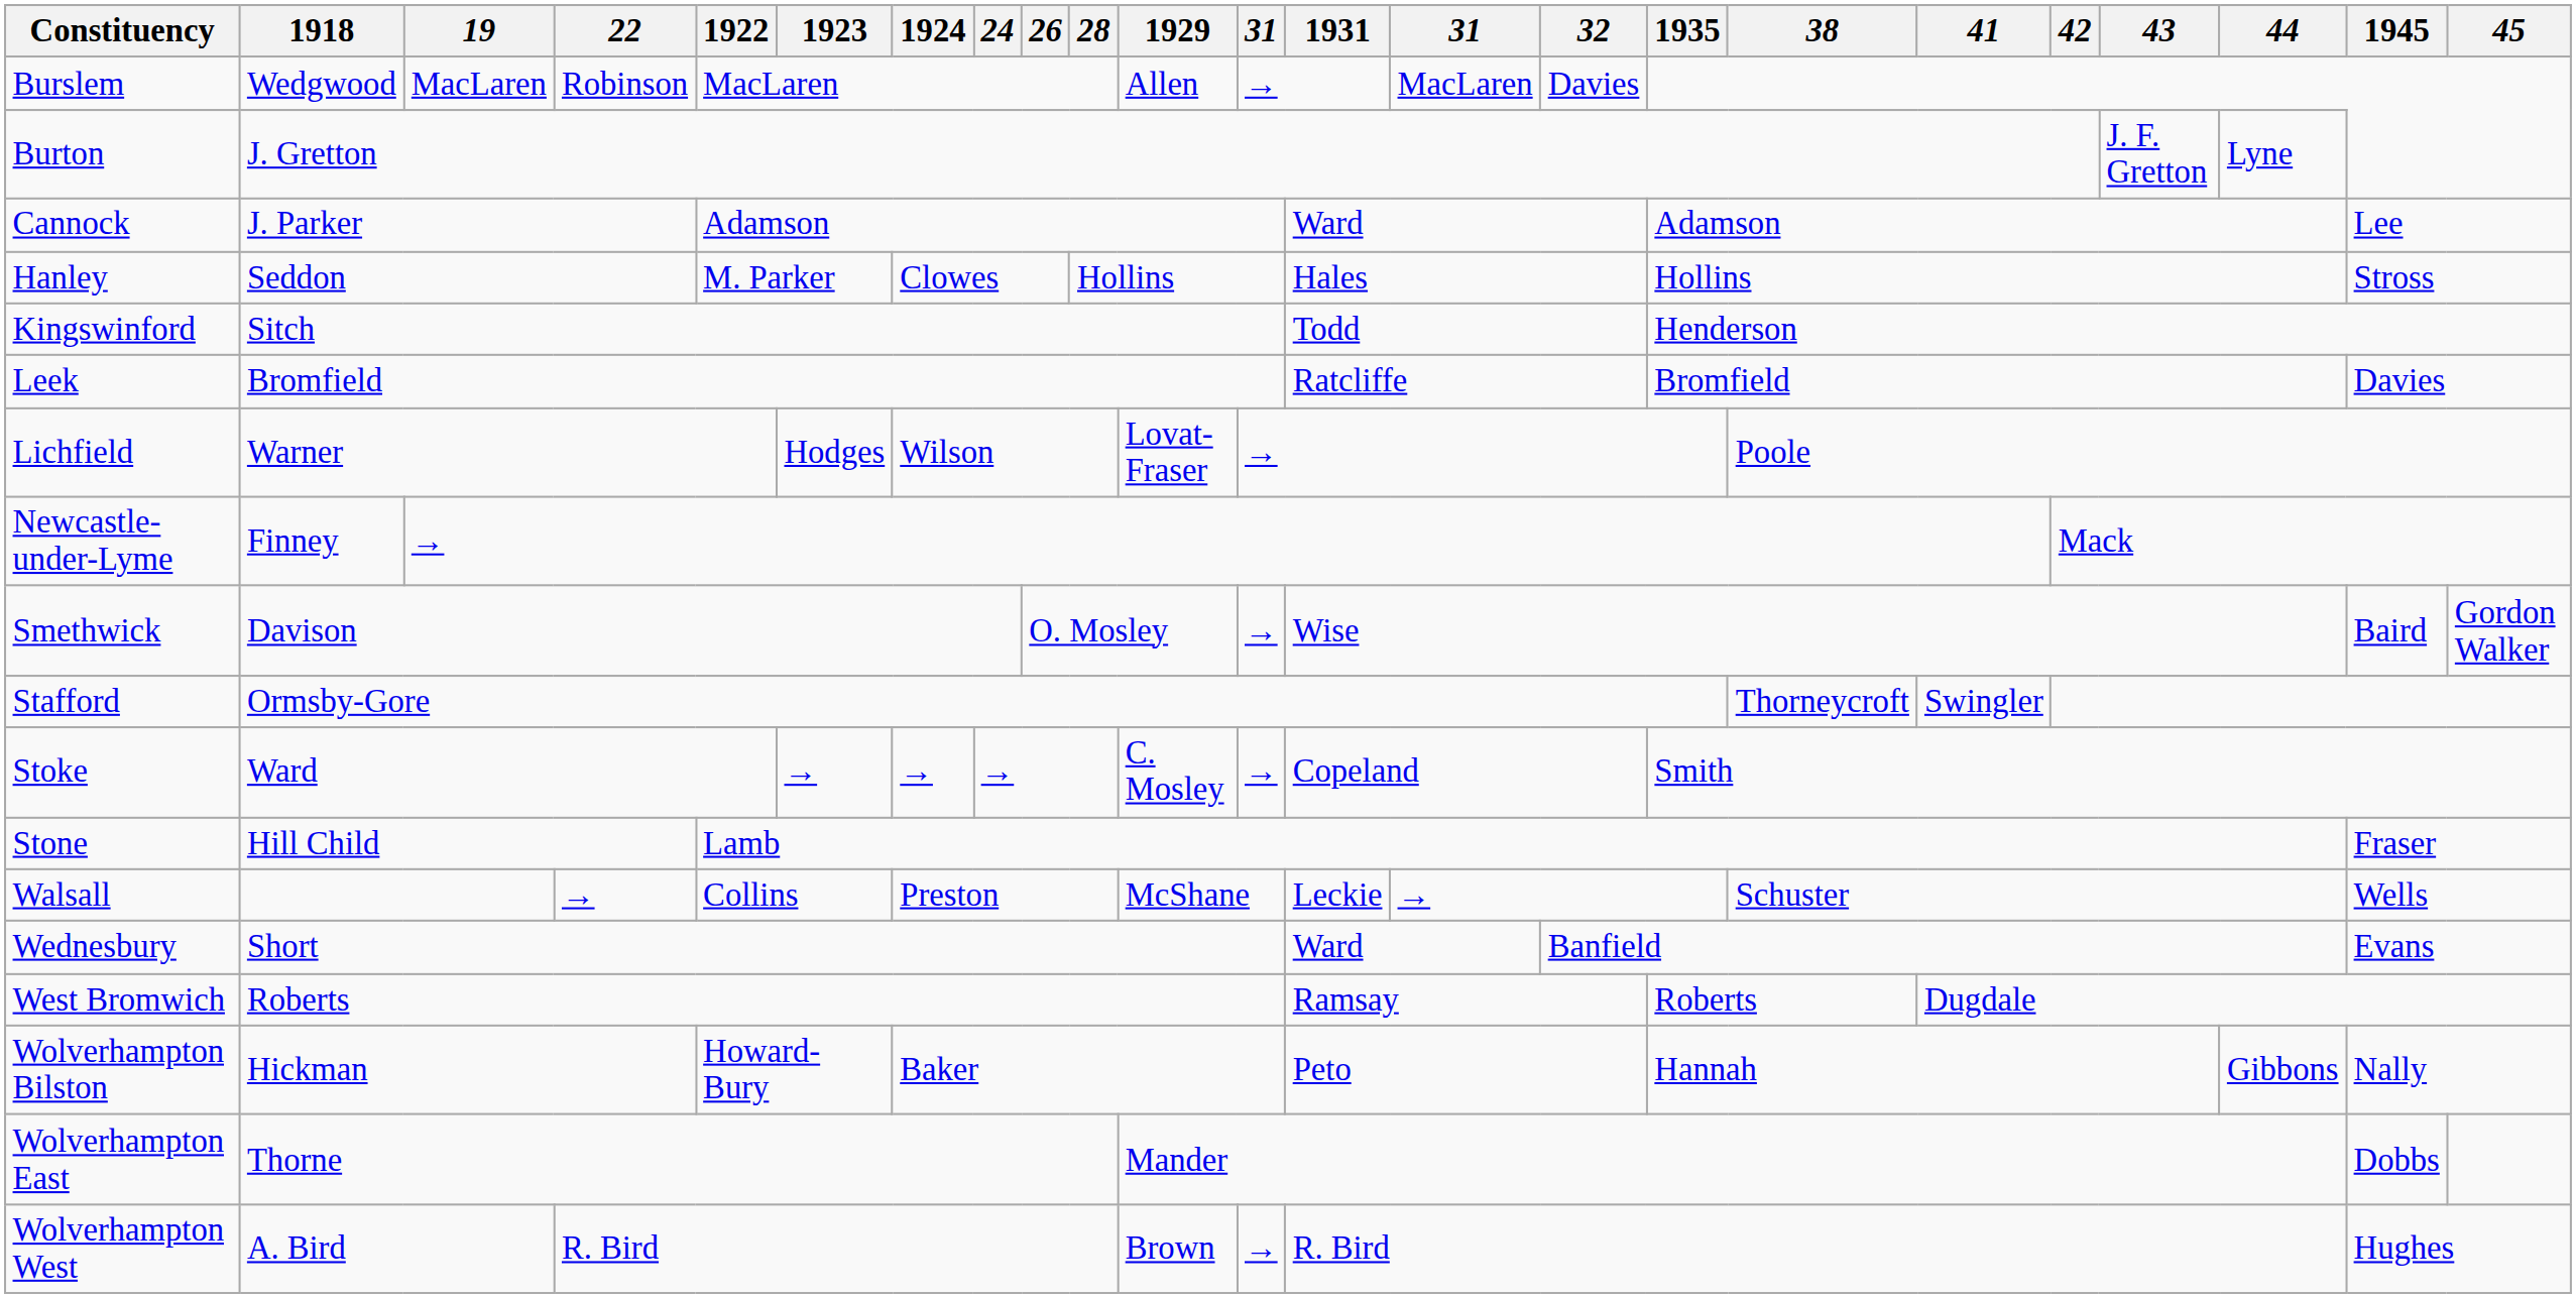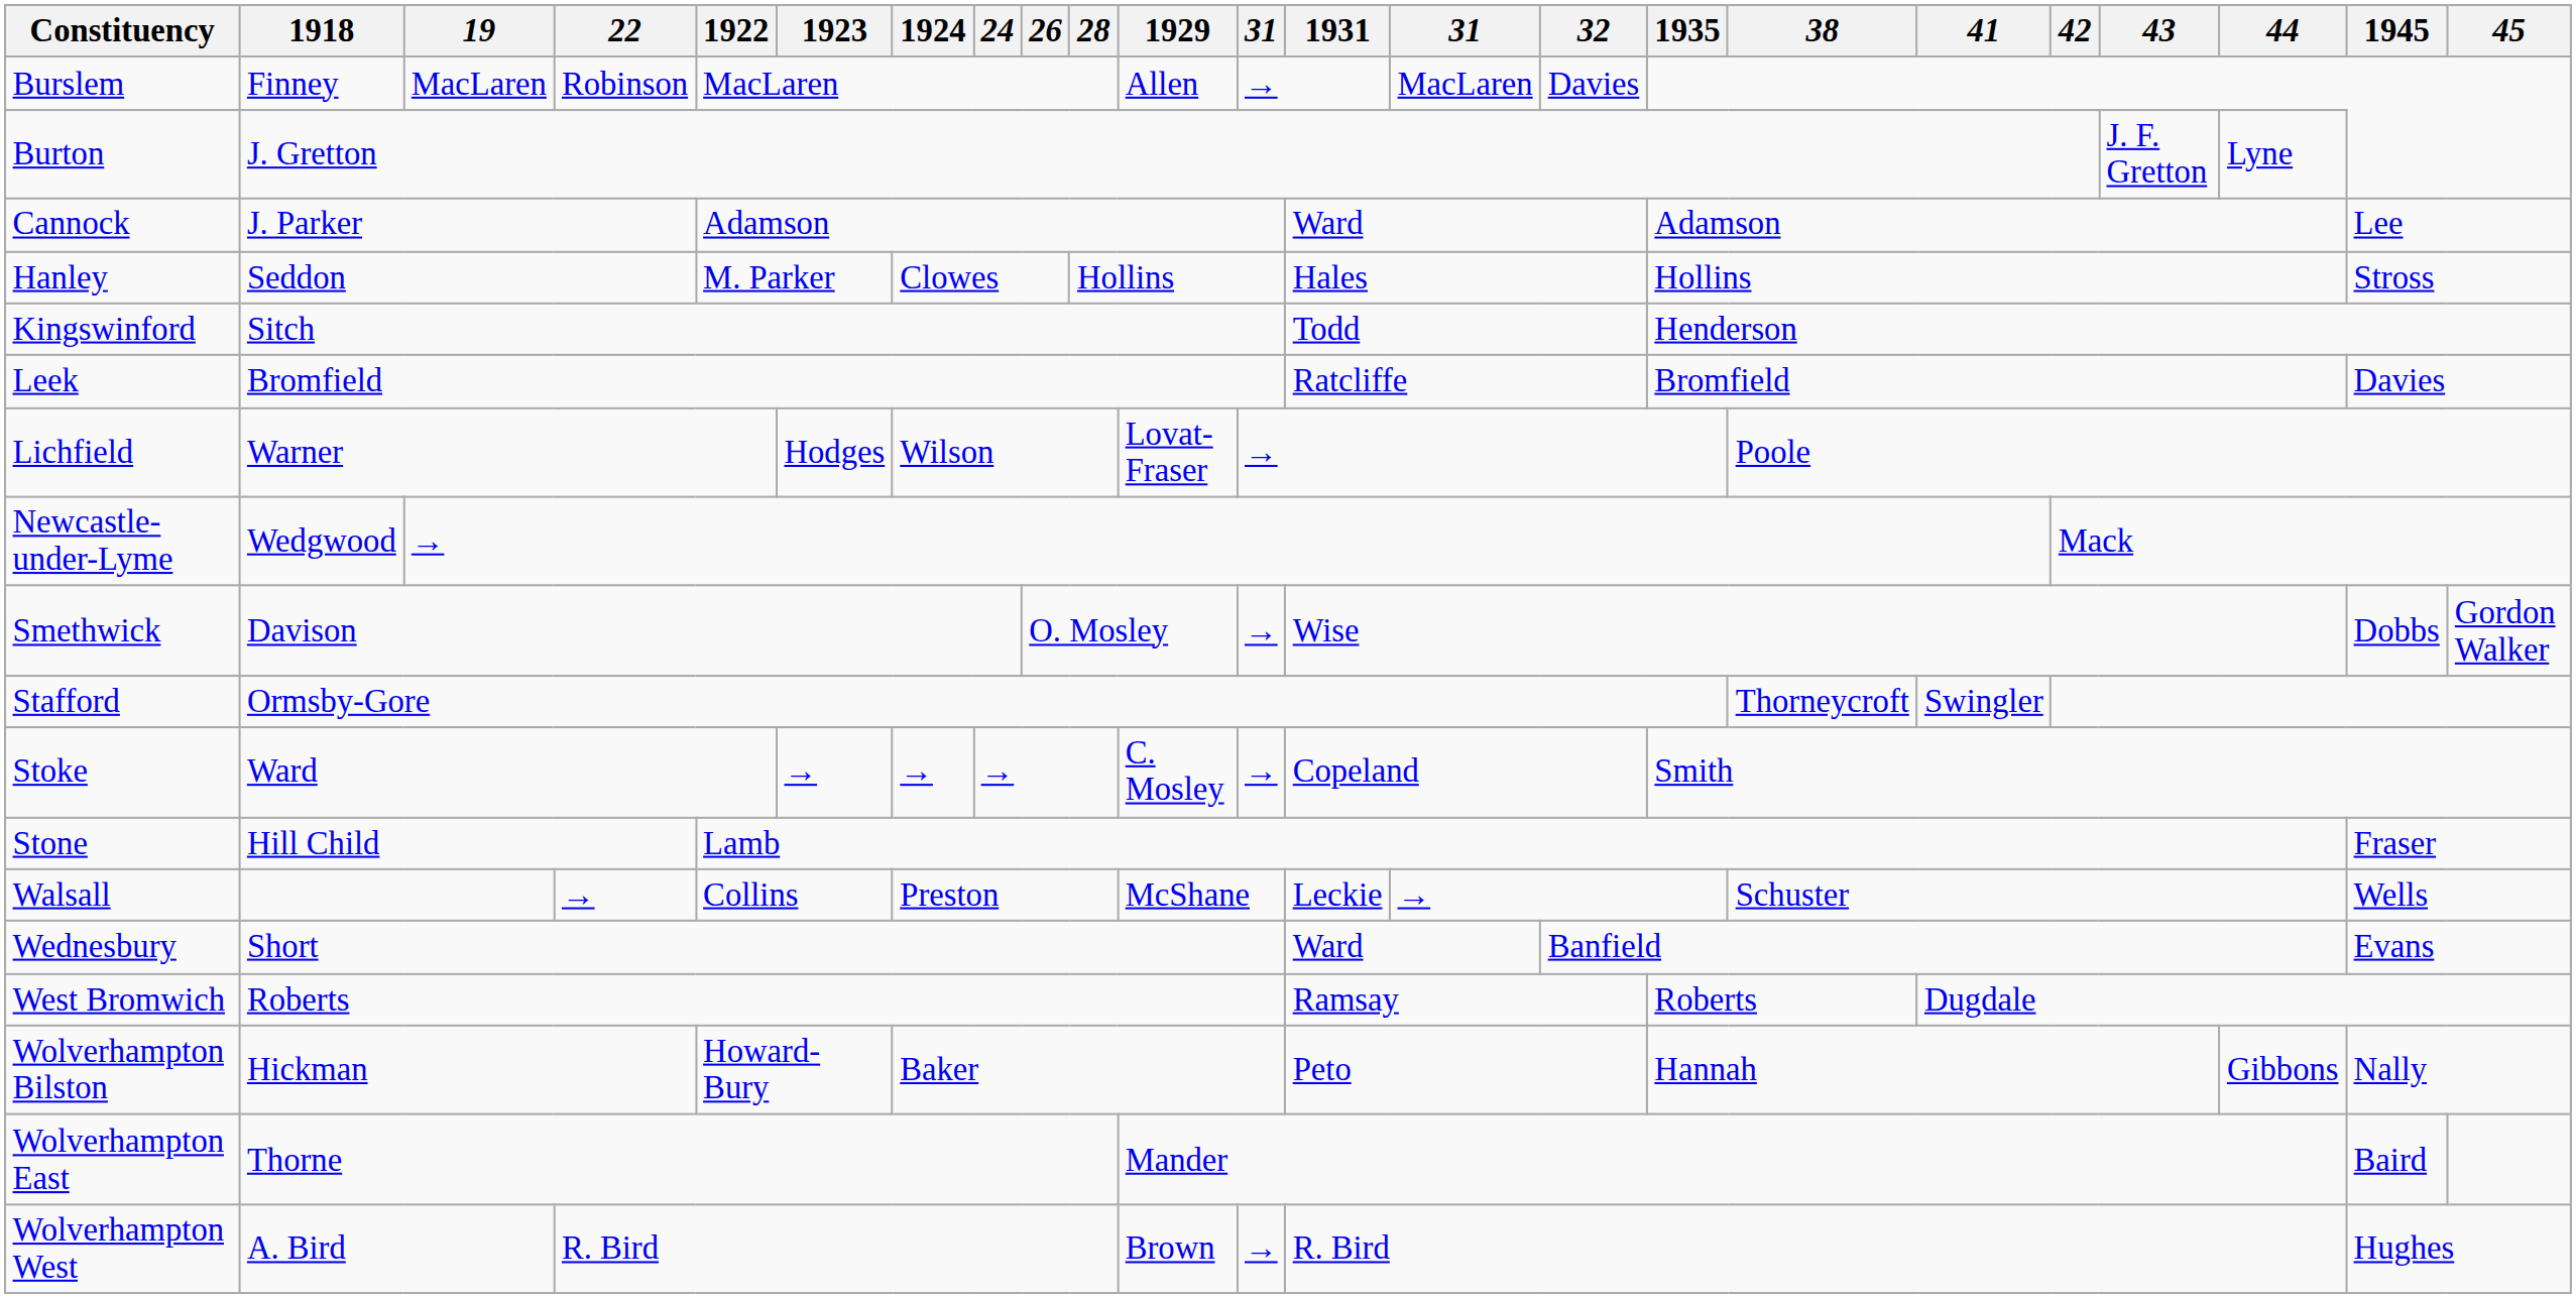 <table class="wikitable">
 <tr>
 <th>Constituency</th>
 <th>1918</th>
 <th><em>19</em></th>
 <th><em>22</em></th>
 <th>1922</th>
 <th>1923</th>
 <th>1924</th>
 <th><em>24</em></th>
 <th><em>26</em></th>
 <th><em>28</em></th>
 <th>1929</th>
 <th><em>31</em></th>
 <th>1931</th>
 <th><em>31</em></th>
 <th><em>32</em></th>
 <th>1935</th>
 <th><em>38</em></th>
 <th><em>41</em></th>
 <th><em>42</em></th>
 <th><em>43</em></th>
 <th><em>44</em></th>
 <th>1945</th>
 <th><em>45</em></th>
 </tr>
 <tr>
 <td><a href='#'>Burslem</a></td>
-<td><a href='#'>Wedgwood</a></td>
+<td><a href='#'>Finney</a></td>
 <td><a href='#'>MacLaren</a></td>
 <td><a href='#'>Robinson</a></td>
 <td colspan="6"><a href='#'>MacLaren</a></td>
 <td><a href='#'>Allen</a></td>
 <td colspan="2"><a href='#'>→</a></td>
 <td><a href='#'>MacLaren</a></td>
 <td><a href='#'>Davies</a></td>
 </tr>
 <tr>
 <td><a href='#'>Burton</a></td>
 <td colspan="18"><a href='#'>J. Gretton</a></td>
 <td><a href='#'>J. F. Gretton</a></td>
 <td><a href='#'>Lyne</a></td>
 </tr>
 <tr>
 <td><a href='#'>Cannock</a></td>
 <td colspan="3"><a href='#'>J. Parker</a></td>
 <td colspan="8"><a href='#'>Adamson</a></td>
 <td colspan="3"><a href='#'>Ward</a></td>
 <td colspan="6"><a href='#'>Adamson</a></td>
 <td colspan="2"><a href='#'>Lee</a></td>
 </tr>
 <tr>
 <td><a href='#'>Hanley</a></td>
 <td colspan="3"><a href='#'>Seddon</a></td>
 <td colspan="2"><a href='#'>M. Parker</a></td>
 <td colspan="3"><a href='#'>Clowes</a></td>
 <td colspan="3"><a href='#'>Hollins</a></td>
 <td colspan="3"><a href='#'>Hales</a></td>
 <td colspan="6"><a href='#'>Hollins</a></td>
 <td colspan="2"><a href='#'>Stross</a></td>
 </tr>
 <tr>
 <td><a href='#'>Kingswinford</a></td>
 <td colspan="11"><a href='#'>Sitch</a></td>
 <td colspan="3"><a href='#'>Todd</a></td>
 <td colspan="8"><a href='#'>Henderson</a></td>
 </tr>
 <tr>
 <td><a href='#'>Leek</a></td>
 <td colspan="11"><a href='#'>Bromfield</a></td>
 <td colspan="3"><a href='#'>Ratcliffe</a></td>
 <td colspan="6"><a href='#'>Bromfield</a></td>
 <td colspan="2"><a href='#'>Davies</a></td>
 </tr>
 <tr>
 <td><a href='#'>Lichfield</a></td>
 <td colspan="4"><a href='#'>Warner</a></td>
 <td><a href='#'>Hodges</a></td>
 <td colspan="4"><a href='#'>Wilson</a></td>
 <td><a href='#'>Lovat-Fraser</a></td>
 <td colspan="5"><a href='#'>→</a></td>
 <td colspan="7"><a href='#'>Poole</a></td>
 </tr>
 <tr>
 <td><a href='#'>Newcastle-under-Lyme</a></td>
-<td><a href='#'>Finney</a></td>
+<td><a href='#'>Wedgwood</a></td>
 <td colspan="16"><a href='#'>→</a></td>
 <td colspan="5"><a href='#'>Mack</a></td>
 </tr>
 <tr>
 <td><a href='#'>Smethwick</a></td>
 <td colspan="7"><a href='#'>Davison</a></td>
 <td colspan="3"><a href='#'>O. Mosley</a></td>
 <td><a href='#'>→</a></td>
 <td colspan="9"><a href='#'>Wise</a></td>
-<td><a href='#'>Baird</a></td>
+<td><a href='#'>Dobbs</a></td>
 <td><a href='#'>Gordon Walker</a></td>
 </tr>
 <tr>
 <td><a href='#'>Stafford</a></td>
 <td colspan="15"><a href='#'>Ormsby-Gore</a></td>
 <td><a href='#'>Thorneycroft</a></td>
 <td><a href='#'>Swingler</a></td>
 </tr>
 <tr>
 <td><a href='#'>Stoke</a></td>
 <td colspan="4"><a href='#'>Ward</a></td>
 <td><a href='#'>→</a></td>
 <td><a href='#'>→</a></td>
 <td colspan="3"><a href='#'>→</a></td>
 <td><a href='#'>C. Mosley</a></td>
 <td><a href='#'>→</a></td>
 <td colspan="3"><a href='#'>Copeland</a></td>
 <td colspan="8"><a href='#'>Smith</a></td>
 </tr>
 <tr>
 <td><a href='#'>Stone</a></td>
 <td colspan="3"><a href='#'>Hill Child</a></td>
 <td colspan="17"><a href='#'>Lamb</a></td>
 <td colspan="2"><a href='#'>Fraser</a></td>
 </tr>
 <tr>
 <td><a href='#'>Walsall</a></td>
 <td colspan="2"></td>
 <td><a href='#'>→</a></td>
 <td colspan="2"><a href='#'>Collins</a></td>
 <td colspan="4"><a href='#'>Preston</a></td>
 <td colspan="2"><a href='#'>McShane</a></td>
 <td><a href='#'>Leckie</a></td>
 <td colspan="3"><a href='#'>→</a></td>
 <td colspan="5"><a href='#'>Schuster</a></td>
 <td colspan="2"><a href='#'>Wells</a></td>
 </tr>
 <tr>
 <td><a href='#'>Wednesbury</a></td>
 <td colspan="11"><a href='#'>Short</a></td>
 <td colspan="2"><a href='#'>Ward</a></td>
 <td colspan="7"><a href='#'>Banfield</a></td>
 <td colspan="2"><a href='#'>Evans</a></td>
 </tr>
 <tr>
 <td><a href='#'>West Bromwich</a></td>
 <td colspan="11"><a href='#'>Roberts</a></td>
 <td colspan="3"><a href='#'>Ramsay</a></td>
 <td colspan="2"><a href='#'>Roberts</a></td>
 <td colspan="6"><a href='#'>Dugdale</a></td>
 </tr>
 <tr>
 <td><a href='#'>Wolverhampton Bilston</a></td>
 <td colspan="3"><a href='#'>Hickman</a></td>
 <td colspan="2"><a href='#'>Howard-Bury</a></td>
 <td colspan="6"><a href='#'>Baker</a></td>
 <td colspan="3"><a href='#'>Peto</a></td>
 <td colspan="5"><a href='#'>Hannah</a></td>
 <td><a href='#'>Gibbons</a></td>
 <td colspan="2"><a href='#'>Nally</a></td>
 </tr>
 <tr>
 <td><a href='#'>Wolverhampton East</a></td>
 <td colspan="9"><a href='#'>Thorne</a></td>
 <td colspan="11"><a href='#'>Mander</a></td>
-<td><a href='#'>Dobbs</a></td>
+<td><a href='#'>Baird</a></td>
 </tr>
 <tr>
 <td><a href='#'>Wolverhampton West</a></td>
 <td colspan="2"><a href='#'>A. Bird</a></td>
 <td colspan="7"><a href='#'>R. Bird</a></td>
 <td><a href='#'>Brown</a></td>
 <td><a href='#'>→</a></td>
 <td colspan="9"><a href='#'>R. Bird</a></td>
 <td colspan="2"><a href='#'>Hughes</a></td>
 </tr>
 </table>
